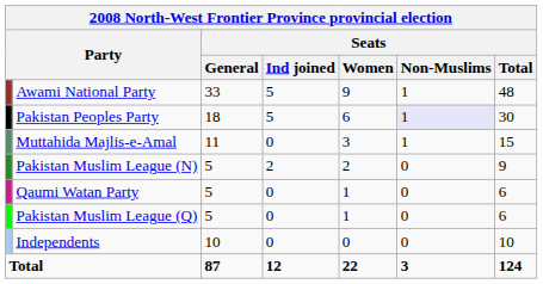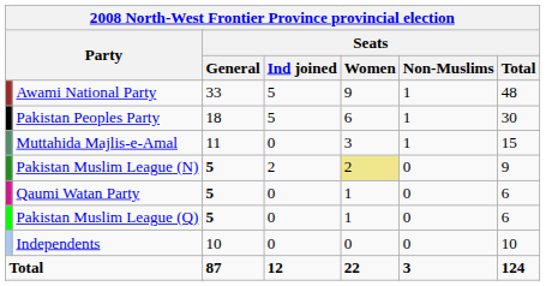 <table class="wikitable">
 <tr>
 <th colspan="9"><a href='#'>2008 North-West Frontier Province provincial election</a></th>
 </tr>
 <tr>
 <th colspan="4" rowspan="2">Party</th>
 <th colspan="5">Seats</th>
 </tr>
 <tr>
 <th>General</th>
 <th><a href='#'>Ind</a> joined</th>
 <th>Women</th>
 <th>Non-Muslims</th>
 <th>Total</th>
 </tr>
 <tr>
 <td style="color:inherit;background:#9b2b2b"></td>
 <td colspan="3"><a href='#'>Awami National Party</a></td>
 <td>33</td>
 <td>5</td>
 <td>9</td>
 <td>1</td>
 <td>48</td>
 </tr>
 <tr>
 <td style="color:inherit;background:#000000"></td>
 <td colspan="3"><a href='#'>Pakistan Peoples Party</a></td>
 <td>18</td>
 <td>5</td>
 <td>6</td>
-<td style="background: lavender;">1</td>
+<td>1</td>
 <td>30</td>
 </tr>
 <tr>
 <td style="color:inherit;background:#528d6b"></td>
 <td colspan="3"><a href='#'>Muttahida Majlis-e-Amal</a></td>
 <td>11</td>
 <td>0</td>
 <td>3</td>
 <td>1</td>
 <td>15</td>
 </tr>
 <tr>
 <td style="color:inherit;background:#228b22"></td>
 <td colspan="3"><a href='#'>Pakistan Muslim League (N)</a></td>
-<td>5</td>
+<td><strong>5</strong></td>
 <td>2</td>
-<td>2</td>
+<td style="background: khaki;">2</td>
 <td>0</td>
 <td>9</td>
 </tr>
 <tr>
 <td style="color:inherit;background:#d1188d"></td>
 <td colspan="3"><a href='#'>Qaumi Watan Party</a></td>
-<td>5</td>
+<td><strong>5</strong></td>
 <td>0</td>
 <td>1</td>
 <td>0</td>
 <td>6</td>
 </tr>
 <tr>
 <td style="color:inherit;background:#00ff00"></td>
 <td colspan="3"><a href='#'>Pakistan Muslim League (Q)</a></td>
-<td>5</td>
+<td><strong>5</strong></td>
 <td>0</td>
 <td>1</td>
 <td>0</td>
 <td>6</td>
 </tr>
 <tr>
 <td style="color:inherit;background:#a6caf0"></td>
 <td colspan="3"><a href='#'>Independents</a></td>
 <td>10</td>
 <td>0</td>
 <td>0</td>
 <td>0</td>
 <td>10</td>
 </tr>
 <tr>
 <td colspan="4"><strong>Total</strong></td>
 <td><strong>87</strong></td>
 <td><strong>12</strong></td>
 <td><strong>22</strong></td>
 <td><strong>3</strong></td>
 <td><strong>124</strong></td>
 </tr>
 </table>
